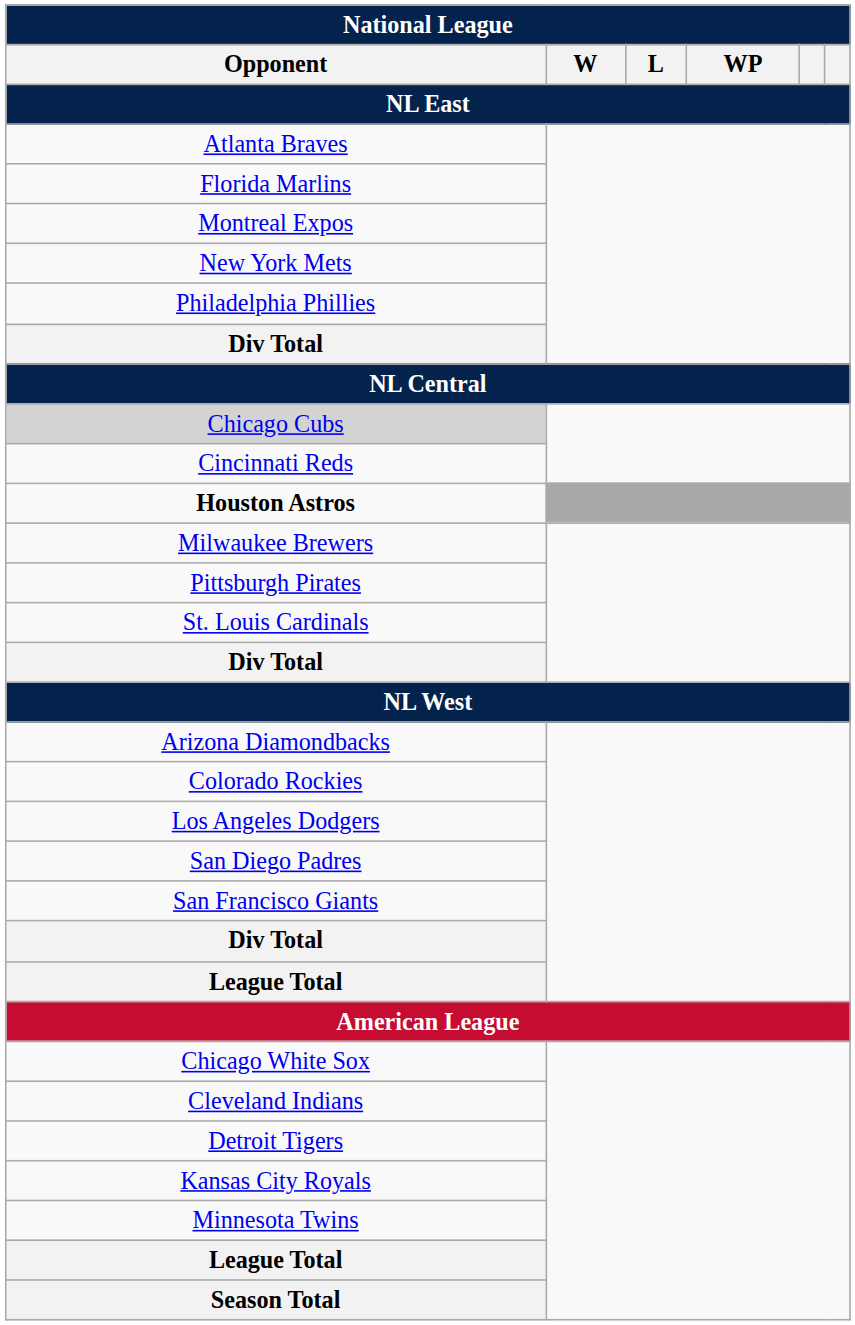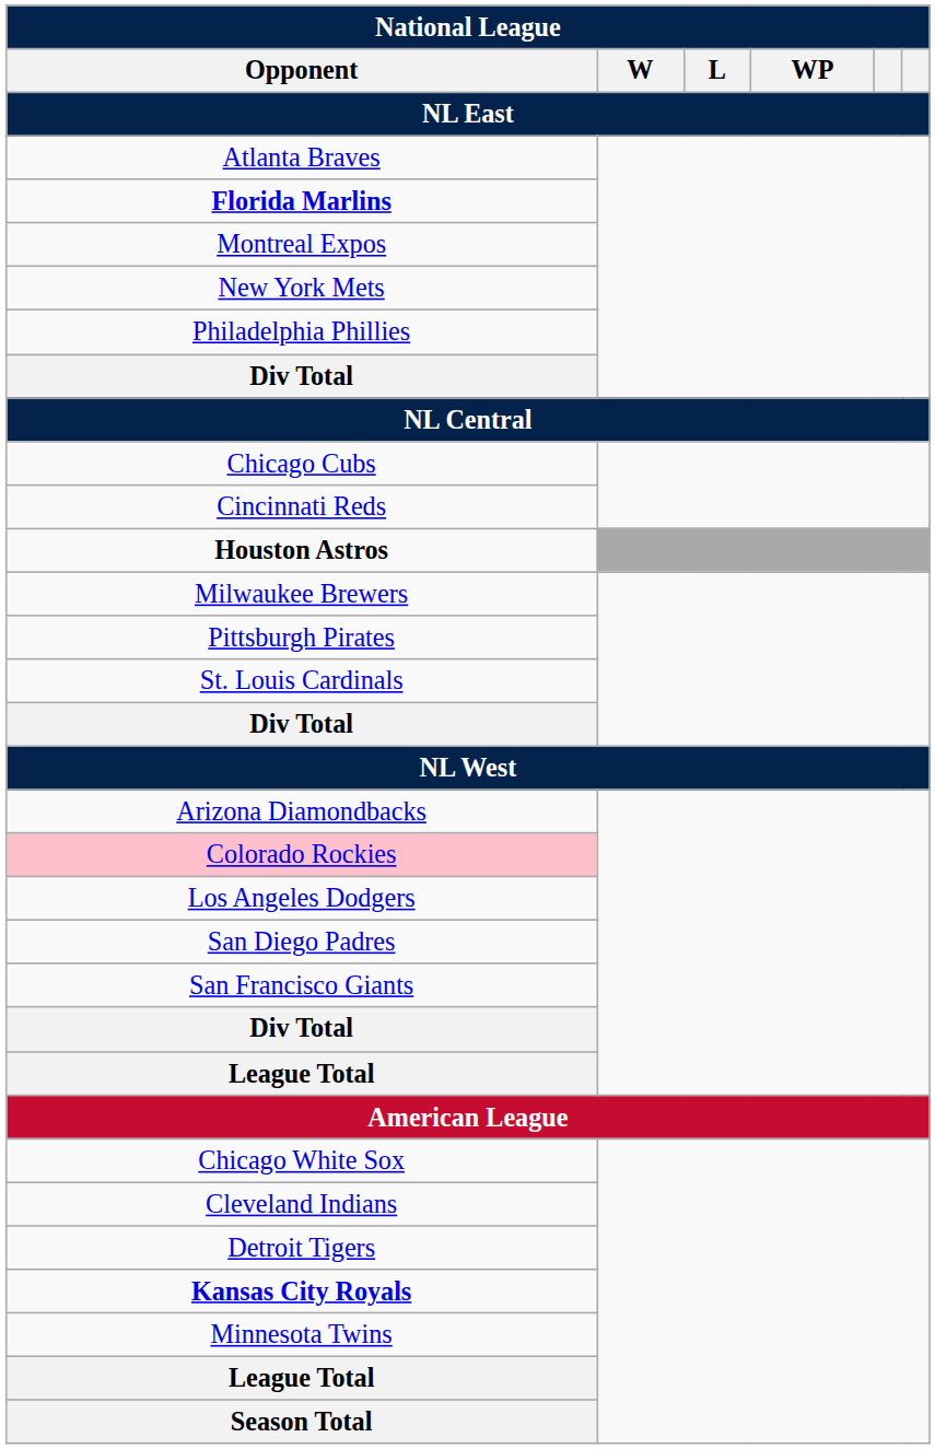 <table class="wikitable" style="margin:1em auto; font-size:95%; text-align:center; width:35em;">
 <tr>
 <th colspan="7" style="background:#03224c; color:#ffffff;">National League</th>
 </tr>
 <tr>
 <th>Opponent</th>
 <th>W</th>
 <th>L</th>
 <th>WP</th>
 <th></th>
 <th></th>
 </tr>
 <tr>
 <th colspan="7" style="background:#03224c; color:#ffffff;">NL East</th>
 </tr>
 <tr>
 <td><a href='#'>Atlanta Braves</a></td>
 </tr>
 <tr>
-<td><a href='#'>Florida Marlins</a></td>
+<td><strong><a href='#'>Florida Marlins</a></strong></td>
 </tr>
 <tr>
 <td><a href='#'>Montreal Expos</a></td>
 </tr>
 <tr>
 <td><a href='#'>New York Mets</a></td>
 </tr>
 <tr>
 <td><a href='#'>Philadelphia Phillies</a></td>
 </tr>
 <tr>
 <th>Div Total</th>
 </tr>
 <tr>
 <th colspan="7" style="background:#03224c; color:#ffffff;">NL Central</th>
 </tr>
 <tr>
-<td style="background: lightgrey;"><a href='#'>Chicago Cubs</a></td>
+<td><a href='#'>Chicago Cubs</a></td>
 </tr>
 <tr>
 <td><a href='#'>Cincinnati Reds</a></td>
 </tr>
 <tr>
 <td><span><strong>Houston Astros</strong></span></td>
 <td colspan=5 style="background:darkgray;"></td>
 </tr>
 <tr>
 <td><a href='#'>Milwaukee Brewers</a></td>
 </tr>
 <tr>
 <td><a href='#'><span>Pittsburgh Pirates</span></a></td>
 </tr>
 <tr>
 <td><a href='#'>St. Louis Cardinals</a></td>
 </tr>
 <tr>
 <th>Div Total</th>
 </tr>
 <tr>
 <th colspan="7" style="background:#03224c; color:#ffffff;">NL West</th>
 </tr>
 <tr>
 <td><a href='#'>Arizona Diamondbacks</a></td>
 </tr>
 <tr>
-<td><a href='#'>Colorado Rockies</a></td>
+<td style="background: pink;"><a href='#'>Colorado Rockies</a></td>
 </tr>
 <tr>
 <td><a href='#'>Los Angeles Dodgers</a></td>
 </tr>
 <tr>
 <td><a href='#'>San Diego Padres</a></td>
 </tr>
 <tr>
 <td><a href='#'>San Francisco Giants</a></td>
 </tr>
 <tr>
 <th>Div Total</th>
 </tr>
 <tr>
 <th>League Total</th>
 </tr>
 <tr>
 <th colspan="7" style="background:#c60c30; color:#ffffff;">American League</th>
 </tr>
 <tr>
 <td><a href='#'>Chicago White Sox</a></td>
 </tr>
 <tr>
 <td><a href='#'><span>Cleveland Indians</span></a></td>
 </tr>
 <tr>
 <td><a href='#'>Detroit Tigers</a></td>
 </tr>
 <tr>
-<td><a href='#'>Kansas City Royals</a></td>
+<td><strong><a href='#'>Kansas City Royals</a></strong></td>
 </tr>
 <tr>
 <td><a href='#'>Minnesota Twins</a></td>
 </tr>
 <tr>
 <th>League Total</th>
 </tr>
 <tr>
 <th>Season Total</th>
 </tr>
 </table>
